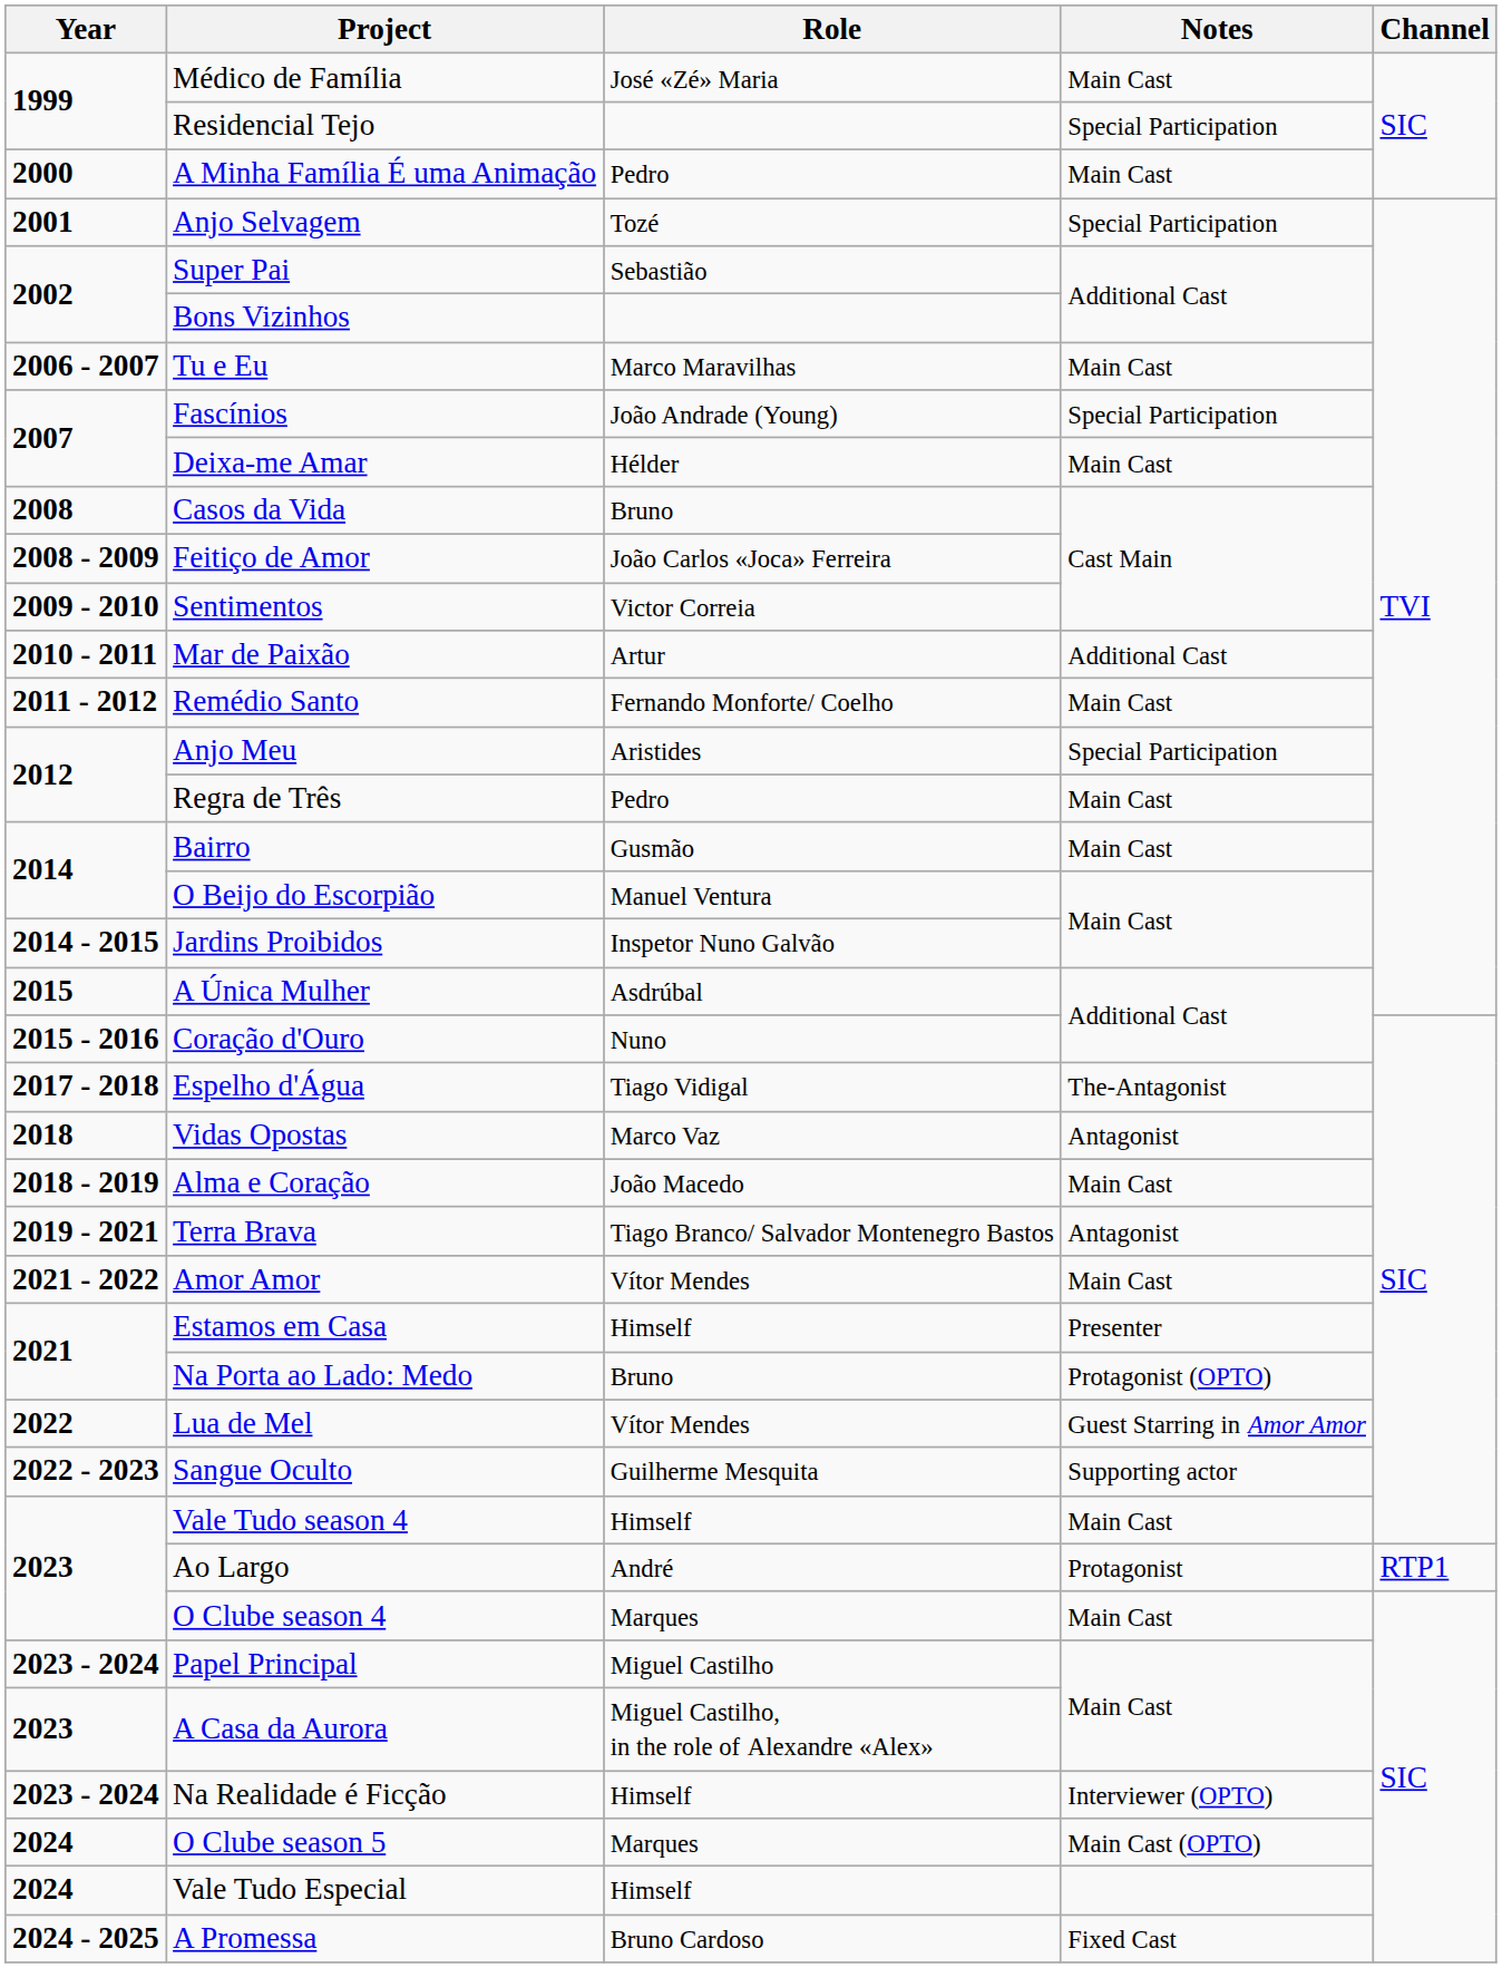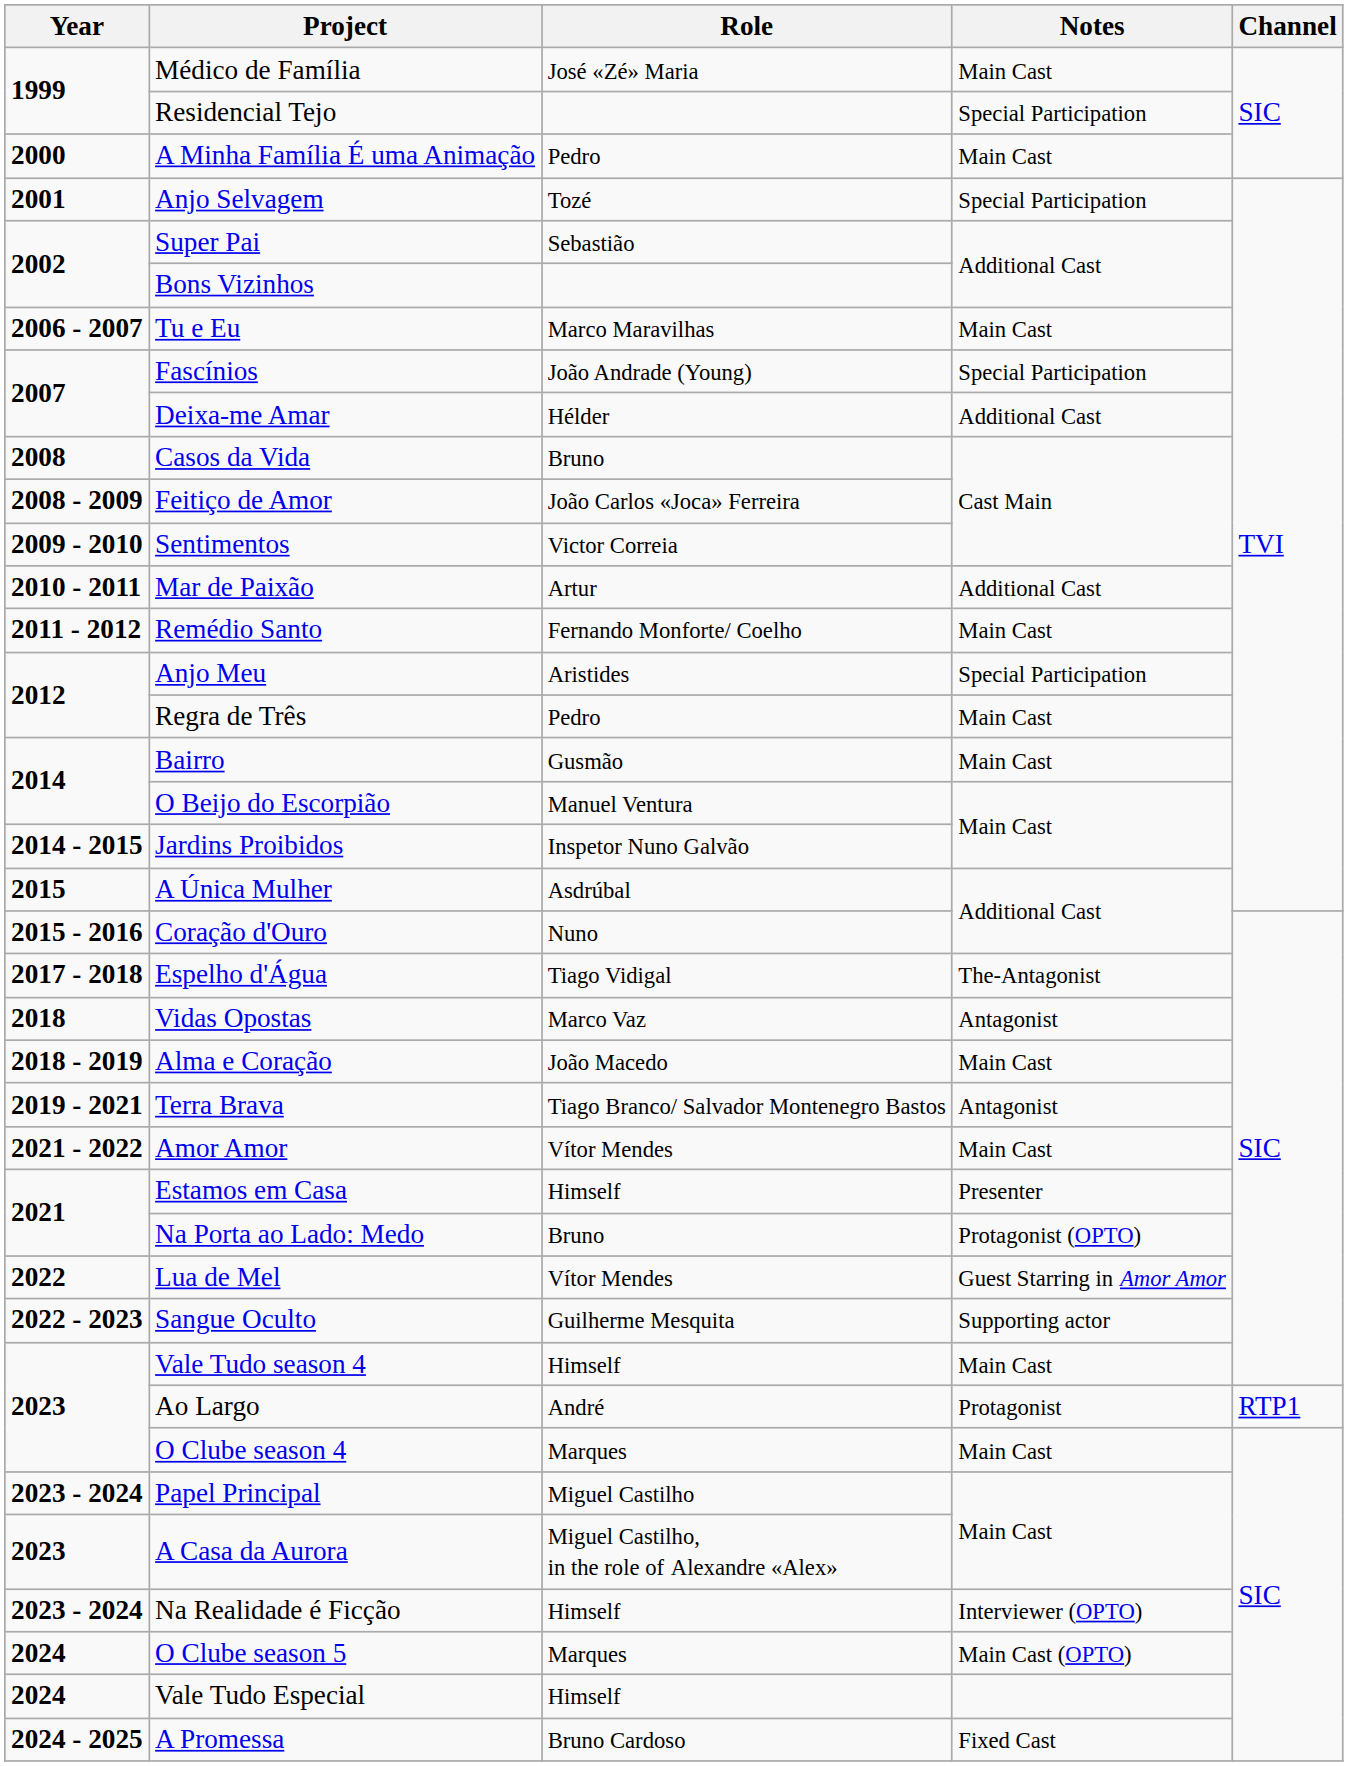 <table class="wikitable">
 <tr>
 <th>Year</th>
 <th>Project</th>
 <th>Role</th>
 <th>Notes</th>
 <th>Channel</th>
 </tr>
 <tr>
 <td rowspan="2"><strong>1999</strong></td>
 <td>Médico de Família</td>
 <td><small>José «Zé» Maria</small></td>
 <td><small>Main Cast</small></td>
 <td rowspan="3"><a href='#'>SIC</a></td>
 </tr>
 <tr>
 <td>Residencial Tejo</td>
 <td></td>
 <td><small>Special Participation</small></td>
 </tr>
 <tr>
 <td><strong>2000</strong></td>
 <td><a href='#'>A Minha Família É uma Animação</a></td>
 <td><small>Pedro</small></td>
 <td><small>Main Cast</small></td>
 </tr>
 <tr>
 <td><strong>2001</strong></td>
 <td><a href='#'>Anjo Selvagem</a></td>
 <td><small>Tozé</small></td>
 <td><small>Special Participation</small></td>
 <td rowspan="17"><a href='#'>TVI</a></td>
 </tr>
 <tr>
 <td rowspan="2"><strong>2002</strong></td>
 <td><a href='#'>Super Pai</a></td>
 <td><small>Sebastião</small></td>
 <td rowspan="2"><small>Additional Cast</small></td>
 </tr>
 <tr>
 <td><a href='#'>Bons Vizinhos</a></td>
 <td></td>
 </tr>
 <tr>
 <td><strong>2006 - 2007</strong></td>
 <td><a href='#'>Tu e Eu</a></td>
 <td><small>Marco Maravilhas</small></td>
 <td><small>Main Cast</small></td>
 </tr>
 <tr>
 <td rowspan="2"><strong>2007</strong></td>
 <td><a href='#'>Fascínios</a></td>
 <td><small>João Andrade (Young)</small></td>
 <td><small>Special Participation</small></td>
 </tr>
 <tr>
 <td><a href='#'>Deixa-me Amar</a></td>
 <td><small>Hélder</small></td>
-<td><small>Main Cast</small></td>
+<td><small>Additional Cast</small></td>
 </tr>
 <tr>
 <td><strong>2008</strong></td>
 <td><a href='#'>Casos da Vida</a></td>
 <td><small>Bruno</small></td>
 <td rowspan="3"><small>Cast Main</small></td>
 </tr>
 <tr>
 <td><strong>2008 - 2009</strong></td>
 <td><a href='#'>Feitiço de Amor</a></td>
 <td><small>João Carlos «Joca» Ferreira</small></td>
 </tr>
 <tr>
 <td><strong>2009 - 2010</strong></td>
 <td><a href='#'>Sentimentos</a></td>
 <td><small>Victor Correia</small></td>
 </tr>
 <tr>
 <td><strong>2010 - 2011</strong></td>
 <td><a href='#'>Mar de Paixão</a></td>
 <td><small>Artur</small></td>
 <td><small>Additional Cast</small></td>
 </tr>
 <tr>
 <td><strong>2011 - 2012</strong></td>
 <td><a href='#'>Remédio Santo</a></td>
 <td><small>Fernando Monforte/ Coelho</small></td>
 <td><small>Main Cast</small></td>
 </tr>
 <tr>
 <td rowspan="2"><strong>2012</strong></td>
 <td><a href='#'>Anjo Meu</a></td>
 <td><small>Aristides</small></td>
 <td><small>Special Participation</small></td>
 </tr>
 <tr>
 <td>Regra de Três</td>
 <td><small>Pedro</small></td>
 <td><small>Main Cast</small></td>
 </tr>
 <tr>
 <td rowspan="2"><strong>2014</strong></td>
 <td><a href='#'>Bairro</a></td>
 <td><small>Gusmão</small></td>
 <td><small>Main Cast</small></td>
 </tr>
 <tr>
 <td><a href='#'>O Beijo do Escorpião</a></td>
 <td><small>Manuel Ventura</small></td>
 <td rowspan="2"><small>Main Cast</small></td>
 </tr>
 <tr>
 <td><strong>2014 - 2015</strong></td>
 <td><a href='#'>Jardins Proibidos</a></td>
 <td><small>Inspetor Nuno Galvão</small></td>
 </tr>
 <tr>
 <td><strong>2015</strong></td>
 <td><a href='#'>A Única Mulher</a></td>
 <td><small>Asdrúbal</small></td>
 <td rowspan="2"><small>Additional Cast</small></td>
 </tr>
 <tr>
 <td><strong>2015 - 2016</strong></td>
 <td><a href='#'>Coração d'Ouro</a></td>
 <td><small>Nuno</small></td>
 <td rowspan="11"><a href='#'>SIC</a></td>
 </tr>
 <tr>
 <td><strong>2017 - 2018</strong></td>
 <td><a href='#'>Espelho d'Água</a></td>
 <td><small>Tiago Vidigal</small></td>
 <td><small>The-Antagonist</small></td>
 </tr>
 <tr>
 <td><strong>2018</strong></td>
 <td><a href='#'>Vidas Opostas</a></td>
 <td><small>Marco Vaz</small></td>
 <td><small>Antagonist</small></td>
 </tr>
 <tr>
 <td><strong>2018 - 2019</strong></td>
 <td><a href='#'>Alma e Coração</a></td>
 <td><small>João Macedo</small></td>
 <td><small>Main Cast</small></td>
 </tr>
 <tr>
 <td><strong>2019 - 2021</strong></td>
 <td><a href='#'>Terra Brava</a></td>
 <td><small>Tiago Branco/ Salvador Montenegro Bastos</small></td>
 <td><small>Antagonist</small></td>
 </tr>
 <tr>
 <td><strong>2021 - 2022</strong></td>
 <td><a href='#'>Amor Amor</a></td>
 <td><small>Vítor Mendes</small></td>
 <td><small>Main Cast</small></td>
 </tr>
 <tr>
 <td rowspan="2"><strong>2021</strong></td>
 <td><a href='#'>Estamos em Casa</a></td>
 <td><small>Himself</small></td>
 <td><small>Presenter</small></td>
 </tr>
 <tr>
 <td><a href='#'>Na Porta ao Lado: Medo</a></td>
 <td><small>Bruno</small></td>
 <td><small>Protagonist (<a href='#'>OPTO</a>)</small></td>
 </tr>
 <tr>
 <td><strong>2022</strong></td>
 <td><a href='#'>Lua de Mel</a></td>
 <td><small>Vítor Mendes</small></td>
 <td><small>Guest Starring in</small> <small><em><a href='#'>Amor Amor</a></em></small></td>
 </tr>
 <tr>
 <td><strong>2022 - 2023</strong></td>
 <td><a href='#'>Sangue Oculto</a></td>
 <td><small>Guilherme Mesquita</small></td>
 <td><small>Supporting actor</small></td>
 </tr>
 <tr>
 <td rowspan="3"><strong>2023</strong></td>
 <td><a href='#'>Vale Tudo season 4</a></td>
 <td><small>Himself</small></td>
 <td><small>Main Cast</small></td>
 </tr>
 <tr>
 <td>Ao Largo</td>
 <td><small>André</small></td>
 <td><small>Protagonist</small></td>
 <td><a href='#'>RTP1</a></td>
 </tr>
 <tr>
 <td><a href='#'>O Clube season 4</a></td>
 <td><small>Marques</small></td>
 <td><small>Main Cast</small></td>
 <td rowspan="7"><a href='#'>SIC</a></td>
 </tr>
 <tr>
 <td><strong>2023 - 2024</strong></td>
 <td><a href='#'>Papel Principal</a></td>
 <td><small>Miguel Castilho</small></td>
 <td rowspan="2"><small>Main Cast</small></td>
 </tr>
 <tr>
 <td><strong>2023</strong></td>
 <td><a href='#'>A Casa da Aurora</a></td>
 <td><small>Miguel Castilho,</small><br><small>in the role of</small> <small>Alexandre «Alex»</small></td>
 </tr>
 <tr>
 <td><strong>2023 - 2024</strong></td>
 <td>Na Realidade é Ficção</td>
 <td><small>Himself</small></td>
 <td><small>Interviewer (<a href='#'>OPTO</a>)</small></td>
 </tr>
 <tr>
 <td><strong>2024</strong></td>
 <td><a href='#'>O Clube season 5</a></td>
 <td><small>Marques</small></td>
 <td><small>Main Cast (<a href='#'>OPTO</a>)</small></td>
 </tr>
 <tr>
 <td><strong>2024</strong></td>
 <td>Vale Tudo Especial</td>
 <td><small>Himself</small></td>
 <td></td>
 </tr>
 <tr>
 <td><strong>2024 - 2025</strong></td>
 <td><a href='#'>A Promessa</a></td>
 <td><small>Bruno Cardoso</small></td>
 <td><small>Fixed Cast</small></td>
 </tr>
 </table>
